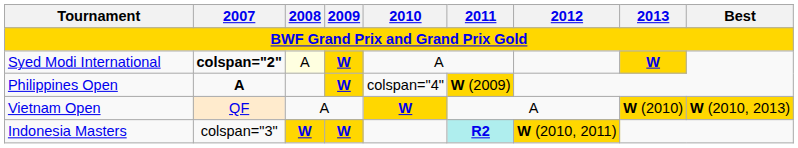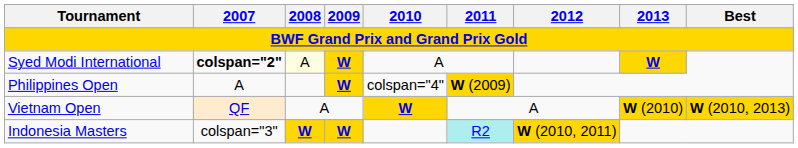 <table class="wikitable" style="font-size: 90%; text-align:center">
 <tr>
 <th width=180>Tournament</th>
 <th><a href='#'>2007</a></th>
 <th><a href='#'>2008</a></th>
 <th><a href='#'>2009</a></th>
 <th><a href='#'>2010</a></th>
 <th><a href='#'>2011</a></th>
 <th><a href='#'>2012</a></th>
 <th><a href='#'>2013</a></th>
 <th>Best</th>
 </tr>
 <tr bgcolor=FFD700>
 <td colspan="9" align=center><strong><a href='#'>BWF Grand Prix and Grand Prix Gold</a></strong></td>
 </tr>
 <tr>
 <td align=left> <a href='#'>Syed Modi International</a></td>
 <td><strong>colspan="2" </strong></td>
 <td style="background: lightyellow;">A</td>
 <td bgcolor=Gold><a href='#'><strong>W</strong></a></td>
 <td colspan="2">A</td>
 <td></td>
 <td bgcolor=gold><a href='#'><strong>W</strong></a></td>
 </tr>
 <tr>
 <td align=left> <a href='#'>Philippines Open</a></td>
-<td><strong>A</strong></td>
+<td>A</td>
 <td></td>
 <td bgcolor=Gold><a href='#'><strong>W</strong></a></td>
 <td>colspan="4" </td>
 <td bgcolor=Gold><strong>W</strong> (2009)</td>
 </tr>
 <tr>
 <td align=left> <a href='#'>Vietnam Open</a></td>
 <td bgcolor=FFEBCD><a href='#'>QF</a></td>
 <td colspan="2">A</td>
 <td bgcolor=gold><a href='#'><strong>W</strong></a></td>
 <td colspan="2">A</td>
 <td bgcolor=Gold><strong>W</strong> (2010)</td>
 <td bgcolor=gold><strong>W</strong> (2010, 2013)</td>
 </tr>
 <tr>
 <td align=left> <a href='#'>Indonesia Masters</a></td>
 <td>colspan="3" </td>
 <td bgcolor=gold><a href='#'><strong>W</strong></a></td>
 <td bgcolor=gold><a href='#'><strong>W</strong></a></td>
 <td></td>
-<td bgcolor=AFEEEE><strong><a href='#'>R2</a></strong></td>
+<td bgcolor=AFEEEE><a href='#'>R2</a></td>
 <td bgcolor=gold><strong>W</strong> (2010, 2011)</td>
 </tr>
 </table>
